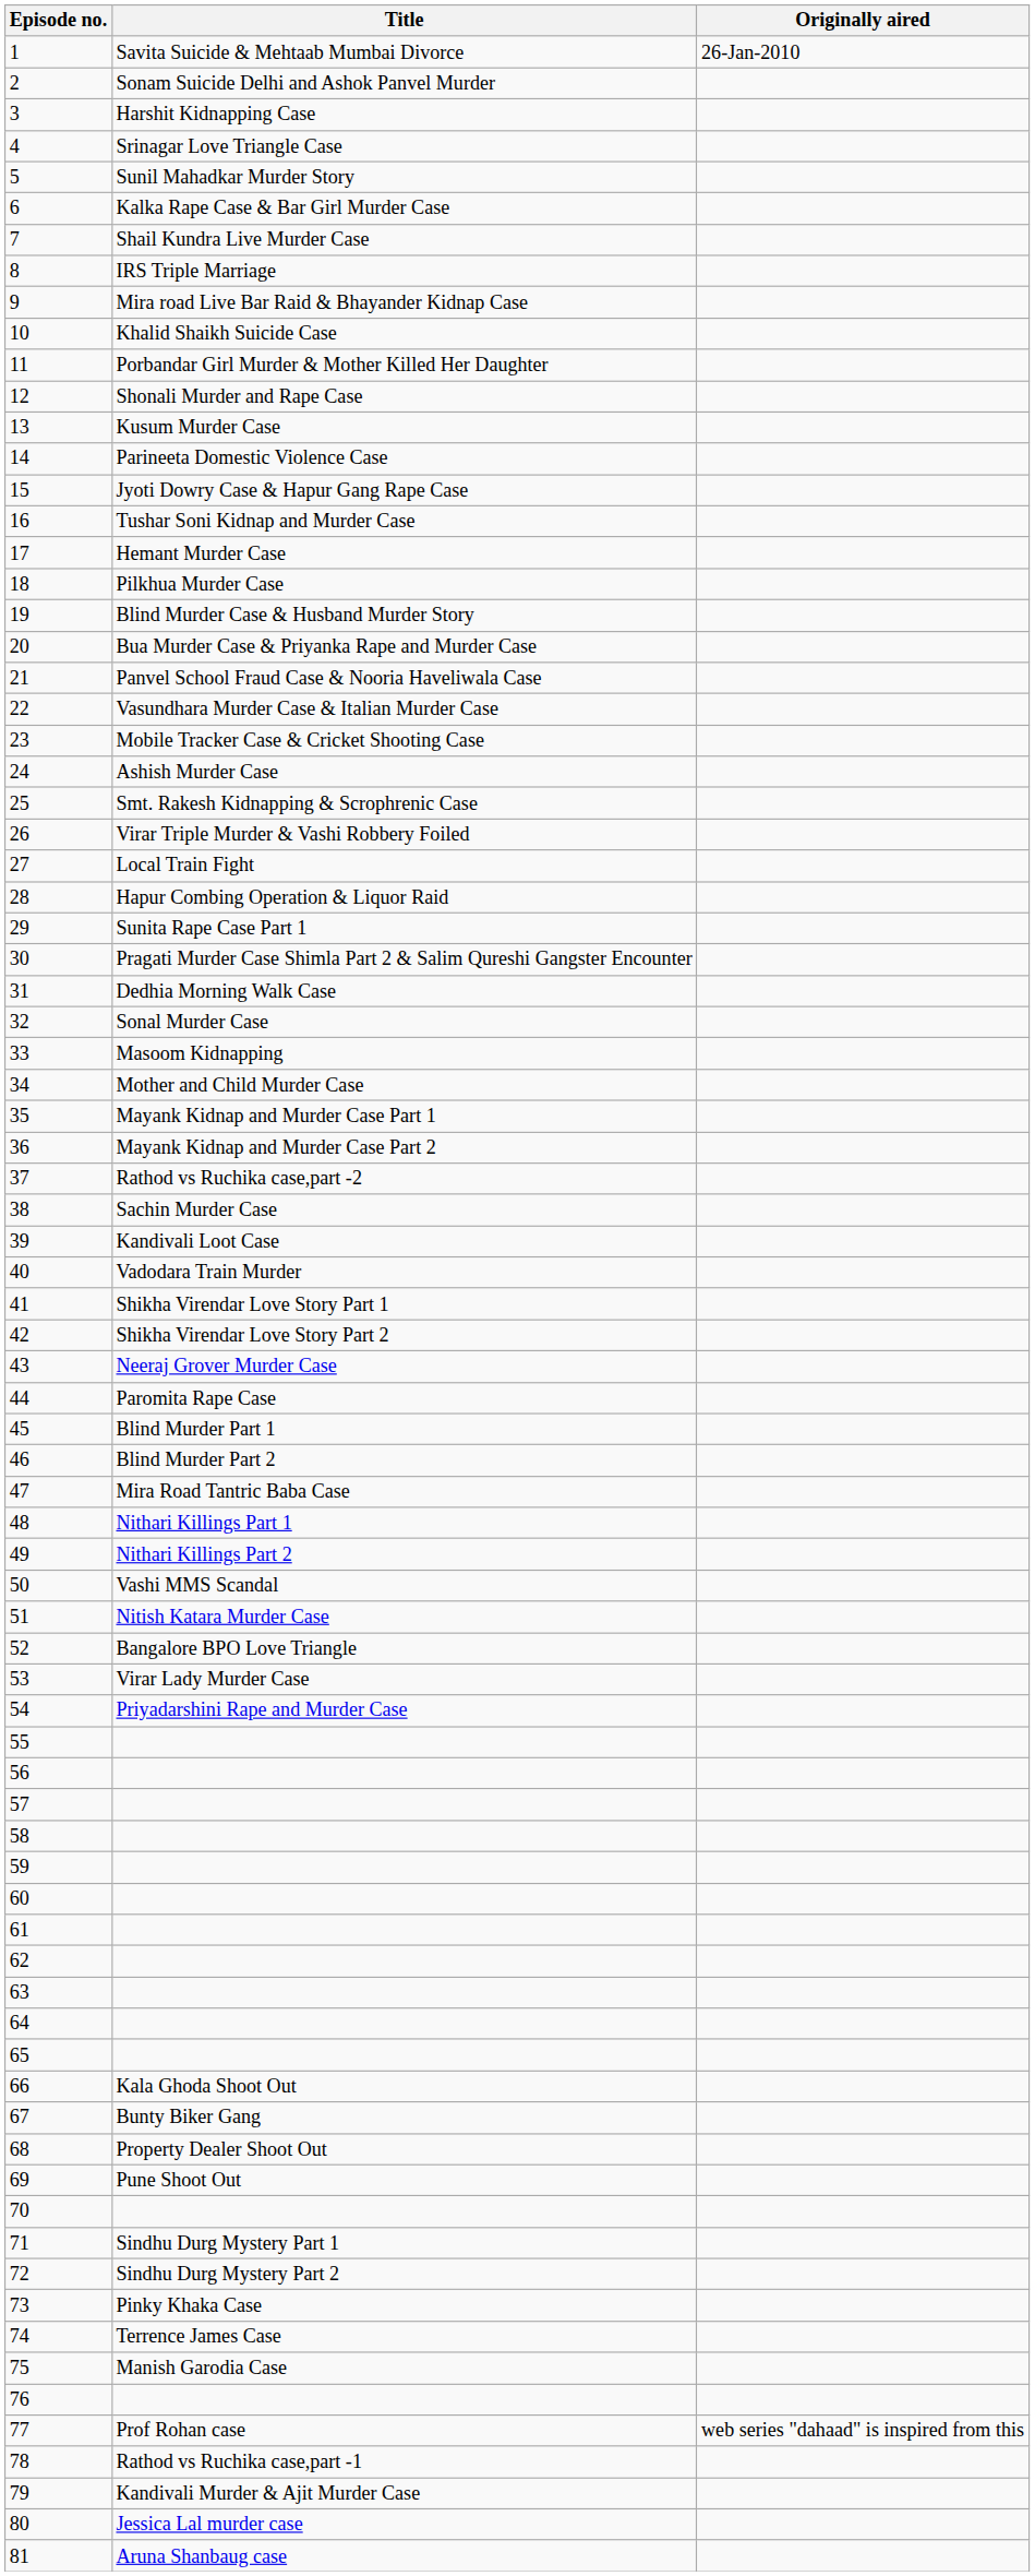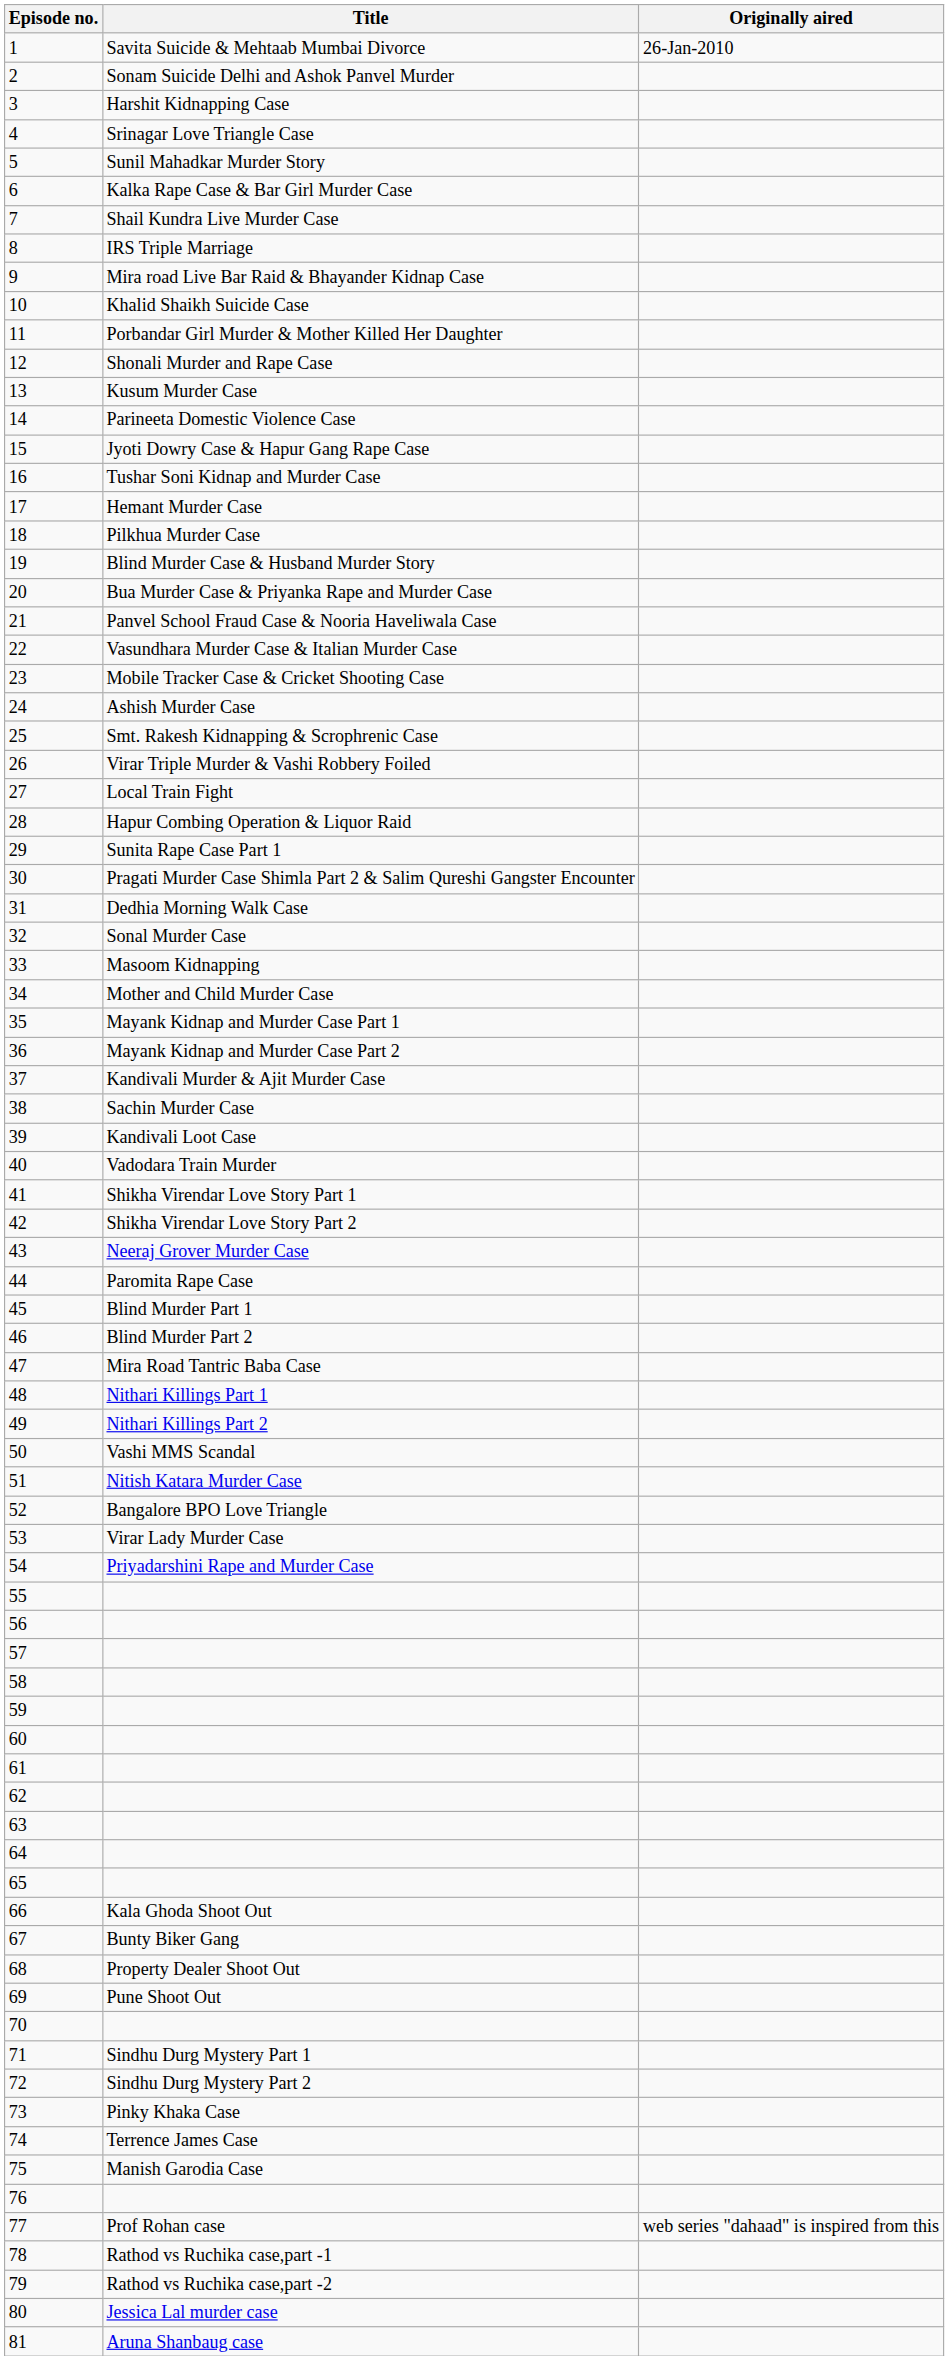 <table class="wikitable">
 <tr>
 <th>Episode no.</th>
 <th>Title</th>
 <th>Originally aired</th>
 </tr>
 <tr>
 <td><div> 1 </div></td>
 <td>Savita Suicide & Mehtaab Mumbai Divorce</td>
 <td><div> 26-Jan-2010</div></td>
 </tr>
 <tr>
 <td><div> 2 </div></td>
 <td>Sonam Suicide Delhi and Ashok Panvel Murder</td>
 <td></td>
 </tr>
 <tr>
 <td><div> 3 </div></td>
 <td>Harshit Kidnapping Case</td>
 <td></td>
 </tr>
 <tr>
 <td><div> 4 </div></td>
 <td>Srinagar Love Triangle Case</td>
 <td></td>
 </tr>
 <tr>
 <td><div> 5 </div></td>
 <td>Sunil Mahadkar Murder Story</td>
 <td></td>
 </tr>
 <tr>
 <td><div> 6 </div></td>
 <td>Kalka Rape Case & Bar Girl Murder Case</td>
 <td></td>
 </tr>
 <tr>
 <td><div> 7 </div></td>
 <td>Shail Kundra Live Murder Case</td>
 <td></td>
 </tr>
 <tr>
 <td><div> 8 </div></td>
 <td>IRS Triple Marriage</td>
 <td></td>
 </tr>
 <tr>
 <td><div> 9 </div></td>
 <td>Mira road Live Bar Raid & Bhayander Kidnap Case</td>
 <td></td>
 </tr>
 <tr>
 <td><div> 10 </div></td>
 <td>Khalid Shaikh Suicide Case</td>
 <td></td>
 </tr>
 <tr>
 <td><div> 11 </div></td>
 <td>Porbandar Girl Murder & Mother Killed Her Daughter</td>
 <td></td>
 </tr>
 <tr>
 <td><div> 12 </div></td>
 <td>Shonali Murder and Rape Case</td>
 <td></td>
 </tr>
 <tr>
 <td><div> 13 </div></td>
 <td>Kusum Murder Case</td>
 <td></td>
 </tr>
 <tr>
 <td><div> 14 </div></td>
 <td>Parineeta Domestic Violence Case</td>
 <td></td>
 </tr>
 <tr>
 <td><div> 15 </div></td>
 <td>Jyoti Dowry Case & Hapur Gang Rape Case</td>
 <td></td>
 </tr>
 <tr>
 <td><div> 16 </div></td>
 <td>Tushar Soni Kidnap and Murder Case</td>
 <td></td>
 </tr>
 <tr>
 <td><div> 17 </div></td>
 <td>Hemant Murder Case</td>
 <td></td>
 </tr>
 <tr>
 <td><div> 18 </div></td>
 <td>Pilkhua Murder Case</td>
 <td></td>
 </tr>
 <tr>
 <td><div> 19 </div></td>
 <td>Blind Murder Case & Husband Murder Story</td>
 <td></td>
 </tr>
 <tr>
 <td><div> 20 </div></td>
 <td>Bua Murder Case & Priyanka Rape and Murder Case</td>
 <td></td>
 </tr>
 <tr>
 <td><div> 21 </div></td>
 <td>Panvel School Fraud Case & Nooria Haveliwala Case</td>
 <td></td>
 </tr>
 <tr>
 <td><div> 22 </div></td>
 <td>Vasundhara Murder Case & Italian Murder Case</td>
 <td></td>
 </tr>
 <tr>
 <td><div> 23 </div></td>
 <td>Mobile Tracker Case & Cricket Shooting Case</td>
 <td></td>
 </tr>
 <tr>
 <td><div> 24 </div></td>
 <td>Ashish Murder Case</td>
 <td></td>
 </tr>
 <tr>
 <td><div> 25 </div></td>
 <td>Smt. Rakesh Kidnapping & Scrophrenic Case</td>
 <td></td>
 </tr>
 <tr>
 <td><div> 26 </div></td>
 <td>Virar Triple Murder & Vashi Robbery Foiled</td>
 <td></td>
 </tr>
 <tr>
 <td><div> 27 </div></td>
 <td>Local Train Fight</td>
 <td></td>
 </tr>
 <tr>
 <td><div> 28 </div></td>
 <td>Hapur Combing Operation & Liquor Raid</td>
 <td></td>
 </tr>
 <tr>
 <td><div> 29 </div></td>
 <td>Sunita Rape Case Part 1</td>
 <td></td>
 </tr>
 <tr>
 <td><div> 30 </div></td>
 <td>Pragati Murder Case Shimla Part 2 & Salim Qureshi Gangster Encounter</td>
 <td></td>
 </tr>
 <tr>
 <td><div> 31 </div></td>
 <td>Dedhia Morning Walk Case</td>
 <td></td>
 </tr>
 <tr>
 <td><div> 32 </div></td>
 <td>Sonal Murder Case</td>
 <td></td>
 </tr>
 <tr>
 <td><div> 33 </div></td>
 <td>Masoom Kidnapping</td>
 <td></td>
 </tr>
 <tr>
 <td><div> 34 </div></td>
 <td>Mother and Child Murder Case</td>
 <td></td>
 </tr>
 <tr>
 <td><div> 35 </div></td>
 <td>Mayank Kidnap and Murder Case Part 1</td>
 <td></td>
 </tr>
 <tr>
 <td><div> 36 </div></td>
 <td>Mayank Kidnap and Murder Case Part 2</td>
 <td></td>
 </tr>
 <tr>
 <td><div> 37 </div></td>
-<td>Rathod vs Ruchika case,part -2</td>
+<td>Kandivali Murder & Ajit Murder Case</td>
 <td></td>
 </tr>
 <tr>
 <td><div> 38 </div></td>
 <td>Sachin Murder Case</td>
 <td></td>
 </tr>
 <tr>
 <td><div> 39 </div></td>
 <td>Kandivali Loot Case</td>
 <td></td>
 </tr>
 <tr>
 <td><div> 40 </div></td>
 <td>Vadodara Train Murder</td>
 <td></td>
 </tr>
 <tr>
 <td><div> 41 </div></td>
 <td>Shikha Virendar Love Story Part 1</td>
 <td></td>
 </tr>
 <tr>
 <td><div> 42 </div></td>
 <td>Shikha Virendar Love Story Part 2</td>
 <td></td>
 </tr>
 <tr>
 <td><div> 43 </div></td>
 <td><a href='#'>Neeraj Grover Murder Case</a></td>
 <td></td>
 </tr>
 <tr>
 <td><div> 44 </div></td>
 <td>Paromita Rape Case</td>
 <td></td>
 </tr>
 <tr>
 <td><div> 45 </div></td>
 <td>Blind Murder Part 1</td>
 <td></td>
 </tr>
 <tr>
 <td><div> 46 </div></td>
 <td>Blind Murder Part 2</td>
 <td></td>
 </tr>
 <tr>
 <td><div> 47 </div></td>
 <td>Mira Road Tantric Baba Case</td>
 <td></td>
 </tr>
 <tr>
 <td><div> 48 </div></td>
 <td><a href='#'>Nithari Killings Part 1</a></td>
 <td></td>
 </tr>
 <tr>
 <td><div> 49 </div></td>
 <td><a href='#'>Nithari Killings Part 2</a></td>
 <td></td>
 </tr>
 <tr>
 <td><div> 50 </div></td>
 <td>Vashi MMS Scandal</td>
 <td></td>
 </tr>
 <tr>
 <td><div> 51 </div></td>
 <td><a href='#'>Nitish Katara Murder Case</a></td>
 <td></td>
 </tr>
 <tr>
 <td><div> 52 </div></td>
 <td>Bangalore BPO Love Triangle</td>
 <td></td>
 </tr>
 <tr>
 <td><div> 53 </div></td>
 <td>Virar Lady Murder Case</td>
 <td></td>
 </tr>
 <tr>
 <td><div> 54 </div></td>
 <td><a href='#'>Priyadarshini Rape and Murder Case</a></td>
 <td></td>
 </tr>
 <tr>
 <td><div> 55 </div></td>
 <td></td>
 <td></td>
 </tr>
 <tr>
 <td><div> 56 </div></td>
 <td></td>
 <td></td>
 </tr>
 <tr>
 <td><div> 57 </div></td>
 <td></td>
 <td></td>
 </tr>
 <tr>
 <td><div> 58 </div></td>
 <td></td>
 <td></td>
 </tr>
 <tr>
 <td><div> 59 </div></td>
 <td></td>
 <td></td>
 </tr>
 <tr>
 <td><div> 60 </div></td>
 <td></td>
 <td></td>
 </tr>
 <tr>
 <td><div> 61 </div></td>
 <td></td>
 <td></td>
 </tr>
 <tr>
 <td><div> 62 </div></td>
 <td></td>
 <td></td>
 </tr>
 <tr>
 <td><div> 63 </div></td>
 <td></td>
 <td></td>
 </tr>
 <tr>
 <td><div> 64 </div></td>
 <td></td>
 <td></td>
 </tr>
 <tr>
 <td><div> 65 </div></td>
 <td></td>
 <td></td>
 </tr>
 <tr>
 <td><div> 66 </div></td>
 <td>Kala Ghoda Shoot Out</td>
 <td></td>
 </tr>
 <tr>
 <td><div> 67 </div></td>
 <td>Bunty Biker Gang</td>
 <td></td>
 </tr>
 <tr>
 <td><div> 68 </div></td>
 <td>Property Dealer Shoot Out</td>
 <td></td>
 </tr>
 <tr>
 <td><div> 69 </div></td>
 <td>Pune Shoot Out</td>
 <td></td>
 </tr>
 <tr>
 <td><div> 70 </div></td>
 <td></td>
 <td></td>
 </tr>
 <tr>
 <td><div> 71 </div></td>
 <td>Sindhu Durg Mystery Part 1</td>
 <td></td>
 </tr>
 <tr>
 <td><div> 72 </div></td>
 <td>Sindhu Durg Mystery Part 2</td>
 <td></td>
 </tr>
 <tr>
 <td><div> 73 </div></td>
 <td>Pinky Khaka Case</td>
 <td></td>
 </tr>
 <tr>
 <td><div> 74 </div></td>
 <td>Terrence James Case</td>
 <td></td>
 </tr>
 <tr>
 <td><div> 75 </div></td>
 <td>Manish Garodia Case</td>
 <td></td>
 </tr>
 <tr>
 <td><div> 76 </div></td>
 <td></td>
 <td></td>
 </tr>
 <tr>
 <td><div> 77 </div></td>
 <td>Prof Rohan case</td>
 <td>web series "dahaad" is inspired from this</td>
 </tr>
 <tr>
 <td><div> 78 </div></td>
 <td>Rathod vs Ruchika case,part -1</td>
 <td></td>
 </tr>
 <tr>
 <td><div> 79 </div></td>
-<td>Kandivali Murder & Ajit Murder Case</td>
+<td>Rathod vs Ruchika case,part -2</td>
 <td></td>
 </tr>
 <tr>
 <td><div> 80 </div></td>
 <td><a href='#'>Jessica Lal murder case</a></td>
 <td></td>
 </tr>
 <tr>
 <td><div> 81 </div></td>
 <td><a href='#'>Aruna Shanbaug case</a></td>
 <td></td>
 </tr>
 </table>
